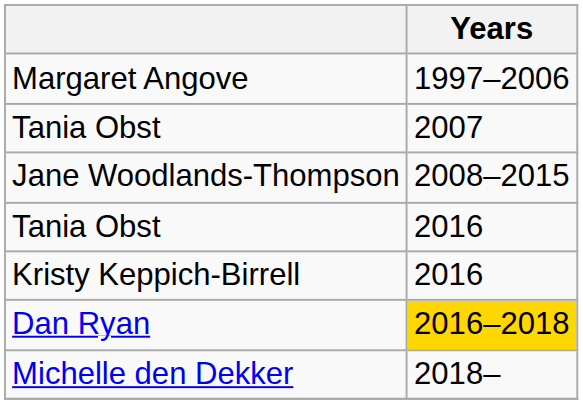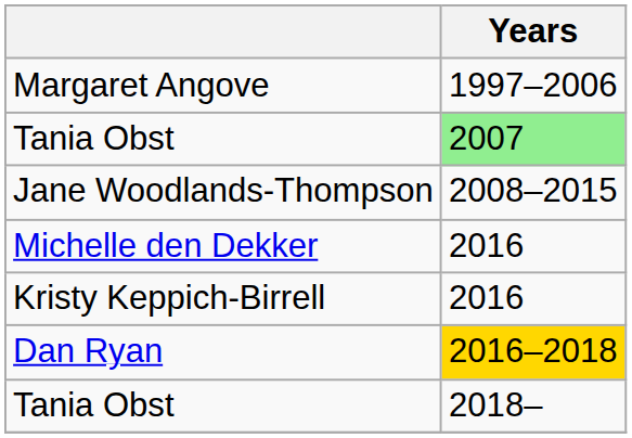 <table class="wikitable collapsible">
 <tr>
 <th></th>
 <th>Years</th>
 </tr>
 <tr>
 <td>Margaret Angove</td>
 <td>1997–2006</td>
 </tr>
 <tr>
 <td>Tania Obst</td>
-<td>2007</td>
+<td style="background: lightgreen;">2007</td>
 </tr>
 <tr>
 <td>Jane Woodlands-Thompson</td>
 <td>2008–2015</td>
 </tr>
 <tr>
-<td>Tania Obst</td>
+<td><a href='#'>Michelle den Dekker</a></td>
 <td>2016</td>
 </tr>
 <tr>
 <td>Kristy Keppich-Birrell</td>
 <td>2016</td>
 </tr>
 <tr>
 <td><a href='#'>Dan Ryan</a></td>
 <td style="background: gold;">2016–2018</td>
 </tr>
 <tr>
-<td><a href='#'>Michelle den Dekker</a></td>
+<td>Tania Obst</td>
 <td>2018–</td>
 </tr>
 <tr>
 </tr>
 </table>
